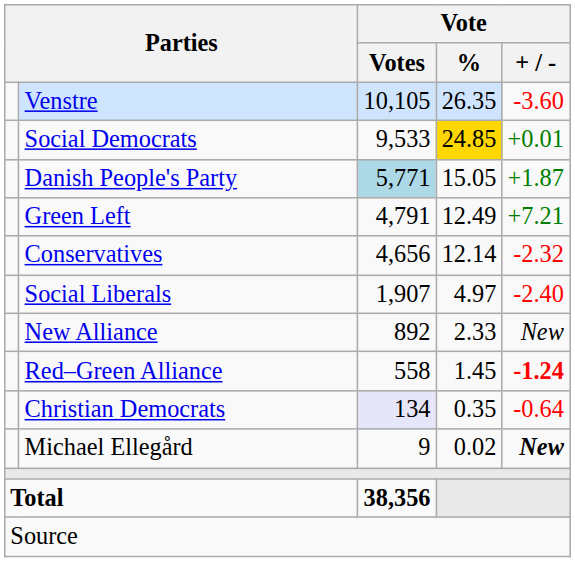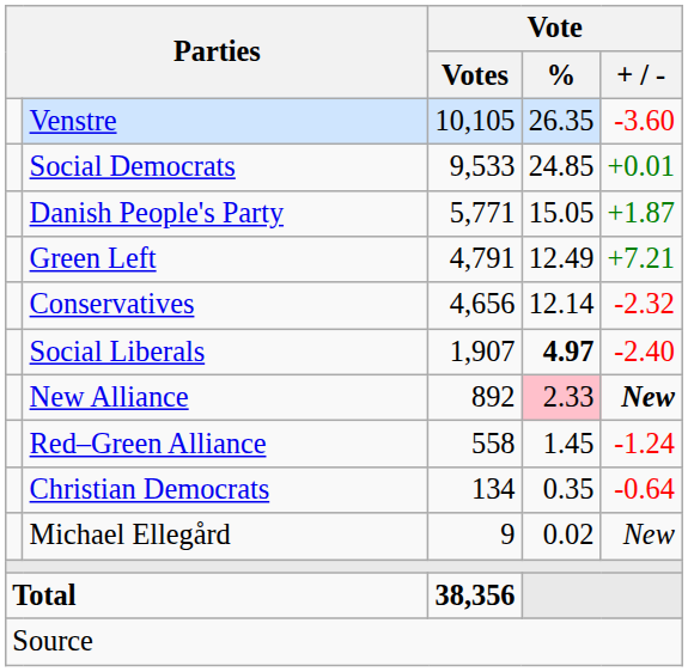 <table class="wikitable" style="text-align:right;">
 <tr>
 <th style="text-align:centre;" rowspan="2" colspan="2" width="225">Parties</th>
 <th colspan="3">Vote</th>
 </tr>
 <tr>
 <th width="15">Votes</th>
 <th width="15">%</th>
 <th width="15">+ / -</th>
 </tr>
 <tr>
 <td width="2" style="color:inherit;background:"></td>
 <td bgcolor=#cfe5fe  align="left"><a href='#'>Venstre</a></td>
 <td bgcolor=#cfe5fe>10,105</td>
 <td bgcolor=#cfe5fe>26.35</td>
 <td style=color:red;>-3.60</td>
 </tr>
 <tr>
 <td width="2" style="color:inherit;background:"></td>
 <td align="left"><a href='#'>Social Democrats</a></td>
 <td>9,533</td>
-<td style="background: gold;">24.85</td>
+<td>24.85</td>
 <td style=color:green;>+0.01</td>
 </tr>
 <tr>
 <td width="2" style="color:inherit;background:"></td>
 <td align="left"><a href='#'>Danish People's Party</a></td>
-<td style="background: lightblue;">5,771</td>
+<td>5,771</td>
 <td>15.05</td>
 <td style=color:green;>+1.87</td>
 </tr>
 <tr>
 <td width="2" style="color:inherit;background:"></td>
 <td align="left"><a href='#'>Green Left</a></td>
 <td>4,791</td>
 <td>12.49</td>
 <td style=color:green;>+7.21</td>
 </tr>
 <tr>
 <td width="2" style="color:inherit;background:"></td>
 <td align="left"><a href='#'>Conservatives</a></td>
 <td>4,656</td>
 <td>12.14</td>
 <td style=color:red;>-2.32</td>
 </tr>
 <tr>
 <td width="2" style="color:inherit;background:"></td>
 <td align="left"><a href='#'>Social Liberals</a></td>
 <td>1,907</td>
-<td>4.97</td>
+<td><strong>4.97</strong></td>
 <td style=color:red;>-2.40</td>
 </tr>
 <tr>
 <td width="2" style="color:inherit;background:"></td>
 <td align="left"><a href='#'>New Alliance</a></td>
 <td>892</td>
-<td>2.33</td>
-<td><em>New</em></td>
+<td style="background: pink;">2.33</td>
+<td><strong><em>New</em></strong></td>
 </tr>
 <tr>
 <td width="2" style="color:inherit;background:"></td>
 <td align="left"><a href='#'>Red–Green Alliance</a></td>
 <td>558</td>
 <td>1.45</td>
-<td style=color:red;><strong>-1.24</strong></td>
+<td style=color:red;>-1.24</td>
 </tr>
 <tr>
 <td width="2" style="color:inherit;background:"></td>
 <td align="left"><a href='#'>Christian Democrats</a></td>
-<td style="background: lavender;">134</td>
+<td>134</td>
 <td>0.35</td>
 <td style=color:red;>-0.64</td>
 </tr>
 <tr>
 <td width="2" style="color:inherit;background:"></td>
 <td align="left">Michael Ellegård</td>
 <td>9</td>
 <td>0.02</td>
-<td><strong><em>New</em></strong></td>
+<td><em>New</em></td>
 </tr>
 <tr>
 <td colspan="7" bgcolor="#E9E9E9"></td>
 </tr>
 <tr>
 <td align="left" colspan="2"><strong>Total</strong></td>
 <td><strong>38,356</strong></td>
 <td bgcolor="#E9E9E9" colspan="2"></td>
 </tr>
 <tr>
 <td align="left" colspan="6">Source</td>
 </tr>
 </table>
